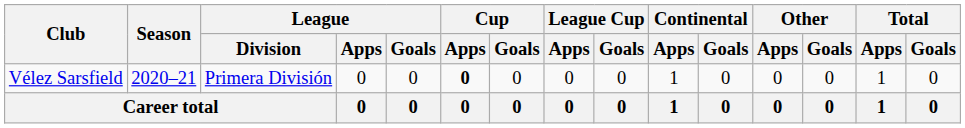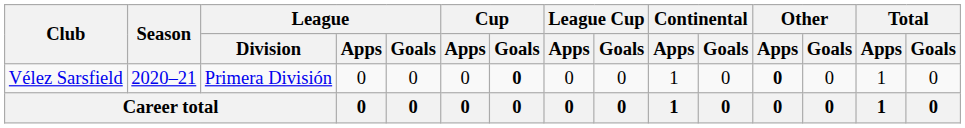 <table class="wikitable" style="text-align:center">
 <tr>
 <th rowspan="2">Club</th>
 <th rowspan="2">Season</th>
 <th colspan="3">League</th>
 <th colspan="2">Cup</th>
 <th colspan="2">League Cup</th>
 <th colspan="2">Continental</th>
 <th colspan="2">Other</th>
 <th colspan="2">Total</th>
 </tr>
 <tr>
 <th>Division</th>
 <th>Apps</th>
 <th>Goals</th>
 <th>Apps</th>
 <th>Goals</th>
 <th>Apps</th>
 <th>Goals</th>
 <th>Apps</th>
 <th>Goals</th>
 <th>Apps</th>
 <th>Goals</th>
 <th>Apps</th>
 <th>Goals</th>
 </tr>
 <tr>
 <td rowspan="1"><a href='#'>Vélez Sarsfield</a></td>
 <td><a href='#'>2020–21</a></td>
 <td rowspan="1"><a href='#'>Primera División</a></td>
 <td>0</td>
 <td>0</td>
+<td>0</td>
 <td><strong>0</strong></td>
-<td>0</td>
 <td>0</td>
 <td>0</td>
 <td>1</td>
 <td>0</td>
-<td>0</td>
+<td><strong>0</strong></td>
 <td>0</td>
 <td>1</td>
 <td>0</td>
 </tr>
 <tr>
 <th colspan="3">Career total</th>
 <th>0</th>
 <th>0</th>
 <th>0</th>
 <th>0</th>
 <th>0</th>
 <th>0</th>
 <th>1</th>
 <th>0</th>
 <th>0</th>
 <th>0</th>
 <th>1</th>
 <th>0</th>
 </tr>
 </table>
